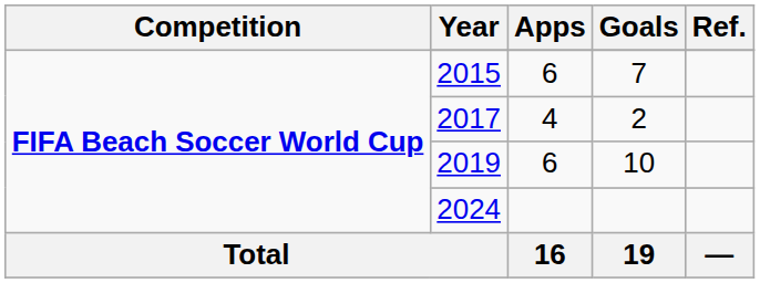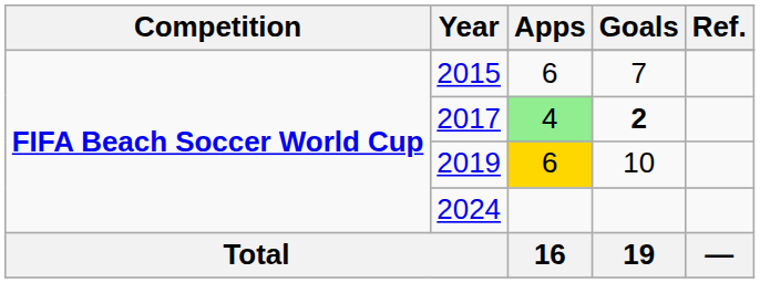 <table class="wikitable" style="text-align:center;">
 <tr>
 <th>Competition</th>
 <th>Year</th>
 <th>Apps</th>
 <th>Goals</th>
 <th>Ref.</th>
 </tr>
 <tr>
 <td rowspan="5"><strong><a href='#'>FIFA Beach Soccer World Cup</a></strong></td>
 </tr>
 <tr>
 <td> <a href='#'>2015</a></td>
 <td>6</td>
 <td>7</td>
 <td></td>
 </tr>
 <tr>
 <td> <a href='#'>2017</a></td>
-<td>4</td>
-<td>2</td>
+<td style="background: lightgreen;">4</td>
+<td><strong>2</strong></td>
 <td></td>
 </tr>
 <tr>
 <td> <a href='#'>2019</a></td>
-<td>6</td>
+<td style="background: gold;">6</td>
 <td>10</td>
 <td></td>
 </tr>
 <tr>
 <td> <a href='#'>2024</a></td>
 <td></td>
 <td></td>
 <td></td>
 </tr>
 <tr>
 <th colspan=2>Total</th>
 <th>16</th>
 <th>19</th>
 <th>—</th>
 </tr>
 </table>
